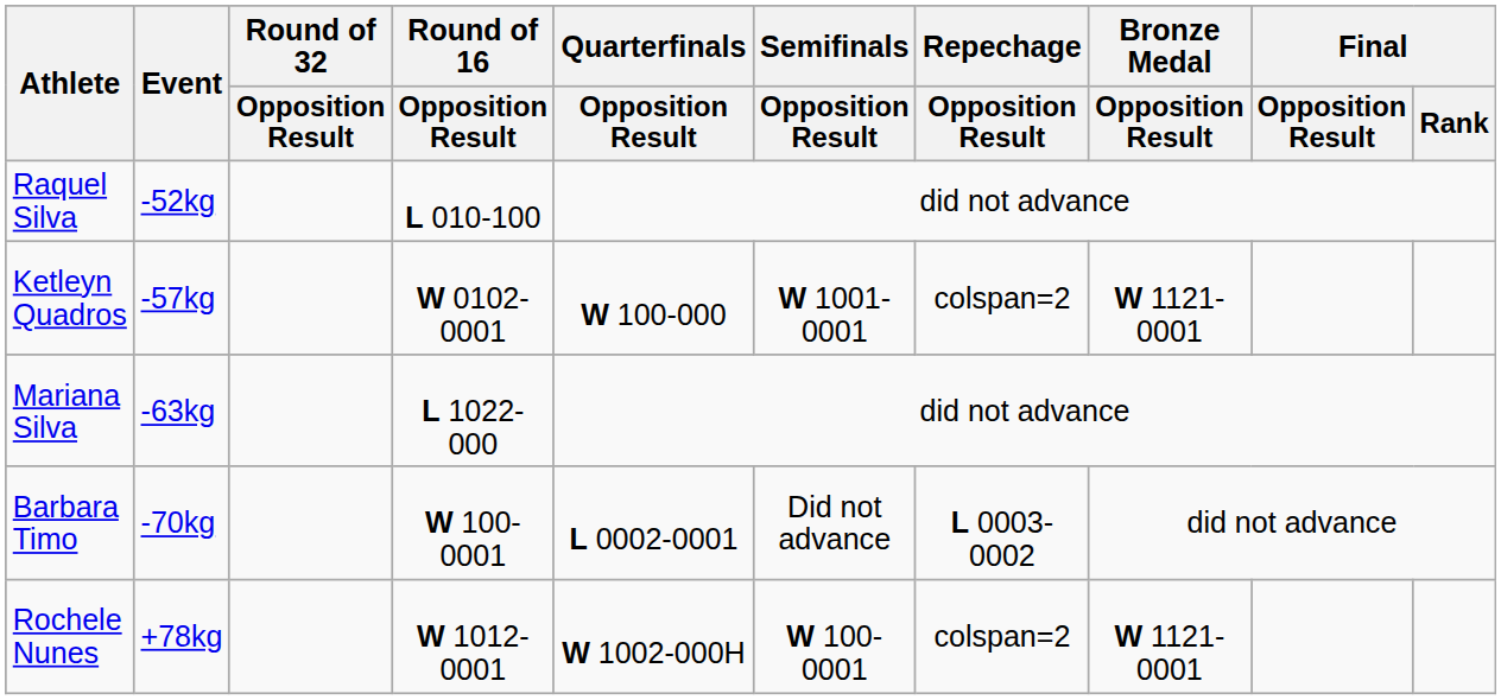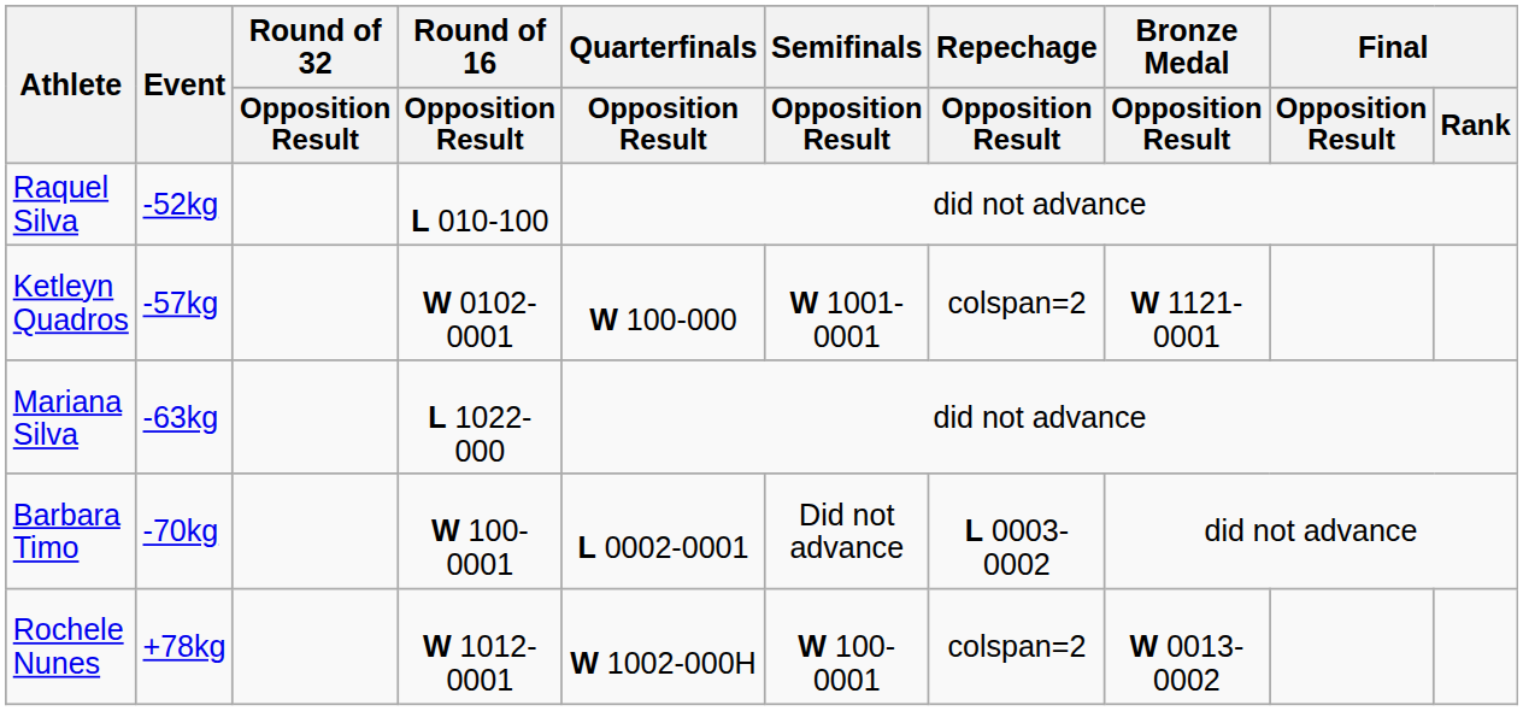 <table class="wikitable" style="font-size:90%;">
 <tr>
 <th rowspan=2>Athlete</th>
 <th rowspan=2>Event</th>
 <th>Round of 32</th>
 <th>Round of 16</th>
 <th>Quarterfinals</th>
 <th>Semifinals</th>
 <th>Repechage</th>
 <th>Bronze Medal</th>
 <th colspan=2>Final</th>
 </tr>
 <tr style="font-size:95%">
 <th>Opposition<br>Result</th>
 <th>Opposition<br>Result</th>
 <th>Opposition<br>Result</th>
 <th>Opposition<br>Result</th>
 <th>Opposition<br>Result</th>
 <th>Opposition<br>Result</th>
 <th>Opposition<br>Result</th>
 <th>Rank</th>
 </tr>
 <tr align=center>
 <td align=left><a href='#'>Raquel Silva</a></td>
 <td align=left><a href='#'>-52kg</a></td>
 <td></td>
 <td><br><strong>L</strong> 010-100</td>
 <td colspan="7">did not advance</td>
 </tr>
 <tr align=center>
 <td align=left><a href='#'>Ketleyn Quadros</a></td>
 <td align=left><a href='#'>-57kg</a></td>
 <td></td>
 <td><br><strong>W</strong> 0102-0001</td>
 <td><br><strong>W</strong> 100-000</td>
 <td><br><strong>W</strong> 1001-0001</td>
 <td>colspan=2 </td>
 <td><br><strong>W</strong> 1121-0001</td>
 <td></td>
 </tr>
 <tr align=center>
 <td align=left><a href='#'>Mariana Silva</a></td>
 <td align=left><a href='#'>-63kg</a></td>
 <td></td>
 <td><br><strong>L</strong> 1022-000</td>
 <td colspan="7">did not advance</td>
 </tr>
 <tr align=center>
 <td align=left><a href='#'>Barbara Timo</a></td>
 <td align=left><a href='#'>-70kg</a></td>
 <td></td>
 <td><br><strong>W</strong> 100-0001</td>
 <td><br><strong>L</strong> 0002-0001</td>
 <td>Did not advance</td>
 <td><br><strong>L</strong> 0003-0002</td>
 <td colspan="3">did not advance</td>
 </tr>
 <tr align=center>
 <td align=left><a href='#'>Rochele Nunes</a></td>
 <td align=left><a href='#'>+78kg</a></td>
 <td></td>
 <td><br><strong>W</strong> 1012-0001</td>
 <td><br><strong>W</strong> 1002-000H</td>
 <td><br><strong>W</strong> 100-0001</td>
 <td>colspan=2 </td>
-<td><br><strong>W</strong> 1121-0001</td>
+<td><br><strong>W</strong> 0013-0002</td>
 <td></td>
 </tr>
 </table>
